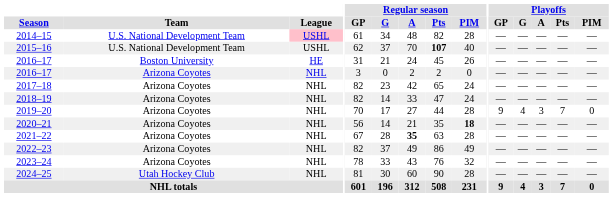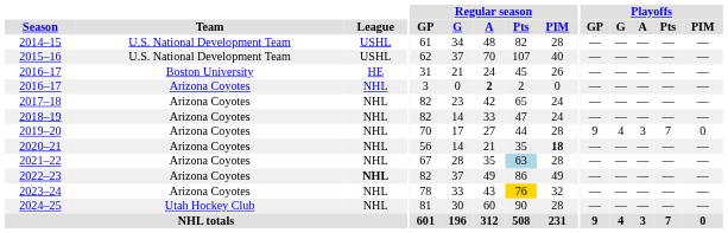 <table border="0" cellpadding="1" cellspacing="0" style="text-align:center; width:60em;">
 <tr bgcolor="#e0e0e0">
 <th colspan="3" bgcolor="#ffffff"></th>
 <th rowspan="101" bgcolor="#ffffff"></th>
 <th colspan="5"><a href='#'>Regular season</a></th>
 <th rowspan="101" bgcolor="#ffffff"></th>
 <th colspan="5"><a href='#'>Playoffs</a></th>
 </tr>
 <tr bgcolor="#e0e0e0">
 <th><a href='#'>Season</a></th>
 <th>Team</th>
 <th>League</th>
 <th>GP</th>
 <th><a href='#'>G</a></th>
 <th><a href='#'>A</a></th>
 <th><a href='#'>Pts</a></th>
 <th><a href='#'>PIM</a></th>
 <th>GP</th>
 <th>G</th>
 <th>A</th>
 <th>Pts</th>
 <th>PIM</th>
 </tr>
 <tr>
 <td><a href='#'>2014–15</a></td>
 <td><a href='#'>U.S. National Development Team</a></td>
-<td style="background: pink;"><a href='#'>USHL</a></td>
+<td><a href='#'>USHL</a></td>
 <td>61</td>
 <td>34</td>
 <td>48</td>
 <td>82</td>
 <td>28</td>
 <td>—</td>
 <td>—</td>
 <td>—</td>
 <td>—</td>
 <td>—</td>
 </tr>
 <tr bgcolor="#f0f0f0">
 <td><a href='#'>2015–16</a></td>
 <td>U.S. National Development Team</td>
 <td>USHL</td>
 <td>62</td>
 <td>37</td>
 <td>70</td>
-<td><strong>107</strong></td>
+<td>107</td>
 <td>40</td>
 <td>—</td>
 <td>—</td>
 <td>—</td>
 <td>—</td>
 <td>—</td>
 </tr>
 <tr>
 <td><a href='#'>2016–17</a></td>
 <td><a href='#'>Boston University</a></td>
 <td><a href='#'>HE</a></td>
 <td>31</td>
 <td>21</td>
 <td>24</td>
 <td>45</td>
 <td>26</td>
 <td>—</td>
 <td>—</td>
 <td>—</td>
 <td>—</td>
 <td>—</td>
 </tr>
 <tr bgcolor="#f0f0f0">
 <td><a href='#'>2016–17</a></td>
 <td><a href='#'>Arizona Coyotes</a></td>
 <td><a href='#'>NHL</a></td>
 <td>3</td>
 <td>0</td>
-<td>2</td>
+<td><strong>2</strong></td>
 <td>2</td>
 <td>0</td>
 <td>—</td>
 <td>—</td>
 <td>—</td>
 <td>—</td>
 <td>—</td>
 </tr>
 <tr>
 <td><a href='#'>2017–18</a></td>
 <td>Arizona Coyotes</td>
 <td>NHL</td>
 <td>82</td>
 <td>23</td>
 <td>42</td>
 <td>65</td>
 <td>24</td>
 <td>—</td>
 <td>—</td>
 <td>—</td>
 <td>—</td>
 <td>—</td>
 </tr>
 <tr bgcolor="#f0f0f0">
 <td><a href='#'>2018–19</a></td>
 <td>Arizona Coyotes</td>
 <td>NHL</td>
 <td>82</td>
 <td>14</td>
 <td>33</td>
 <td>47</td>
 <td>24</td>
 <td>—</td>
 <td>—</td>
 <td>—</td>
 <td>—</td>
 <td>—</td>
 </tr>
 <tr>
 <td><a href='#'>2019–20</a></td>
 <td>Arizona Coyotes</td>
 <td>NHL</td>
 <td>70</td>
 <td>17</td>
 <td>27</td>
 <td>44</td>
 <td>28</td>
 <td>9</td>
 <td>4</td>
 <td>3</td>
 <td>7</td>
 <td>0</td>
 </tr>
 <tr bgcolor="#f0f0f0">
 <td><a href='#'>2020–21</a></td>
 <td>Arizona Coyotes</td>
 <td>NHL</td>
 <td>56</td>
 <td>14</td>
 <td>21</td>
 <td>35</td>
 <td><strong>18</strong></td>
 <td>—</td>
 <td>—</td>
 <td>—</td>
 <td>—</td>
 <td>—</td>
 </tr>
 <tr>
 <td><a href='#'>2021–22</a></td>
 <td>Arizona Coyotes</td>
 <td>NHL</td>
 <td>67</td>
 <td>28</td>
-<td><strong>35</strong></td>
-<td>63</td>
+<td>35</td>
+<td style="background: lightblue;">63</td>
 <td>28</td>
 <td>—</td>
 <td>—</td>
 <td>—</td>
 <td>—</td>
 <td>—</td>
 </tr>
 <tr bgcolor="#f0f0f0">
 <td><a href='#'>2022–23</a></td>
 <td>Arizona Coyotes</td>
-<td>NHL</td>
+<td><strong>NHL</strong></td>
 <td>82</td>
 <td>37</td>
 <td>49</td>
 <td>86</td>
 <td>49</td>
 <td>—</td>
 <td>—</td>
 <td>—</td>
 <td>—</td>
 <td>—</td>
 </tr>
 <tr>
 <td><a href='#'>2023–24</a></td>
 <td>Arizona Coyotes</td>
 <td>NHL</td>
 <td>78</td>
 <td>33</td>
 <td>43</td>
-<td>76</td>
+<td style="background: gold;">76</td>
 <td>32</td>
 <td>—</td>
 <td>—</td>
 <td>—</td>
 <td>—</td>
 <td>—</td>
 </tr>
 <tr bgcolor="#f0f0f0">
 <td><a href='#'>2024–25</a></td>
 <td><a href='#'>Utah Hockey Club</a></td>
 <td>NHL</td>
 <td>81</td>
 <td>30</td>
 <td>60</td>
 <td>90</td>
 <td>28</td>
 <td>—</td>
 <td>—</td>
 <td>—</td>
 <td>—</td>
 <td>—</td>
 </tr>
 <tr bgcolor="#e0e0e0">
 <th colspan="3">NHL totals</th>
 <th>601</th>
 <th>196</th>
 <th>312</th>
 <th>508</th>
 <th>231</th>
 <th>9</th>
 <th>4</th>
 <th>3</th>
 <th>7</th>
 <th>0</th>
 </tr>
 </table>
